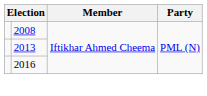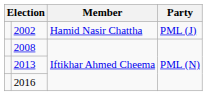 <table class="wikitable">
 <tr>
 <th colspan="2">Election</th>
 <th>Member</th>
 <th>Party</th>
+</tr>
+<tr>
+<td style="background-color: "></td>
+<td><a href='#'>2002</a></td>
+<td><a href='#'>Hamid Nasir Chattha</a></td>
+<td><a href='#'>PML (J)</a></td>
 </tr>
 <tr>
 <td style="background-color: "></td>
 <td><a href='#'>2008</a></td>
 <td rowspan="3"><a href='#'>Iftikhar Ahmed Cheema</a></td>
 <td rowspan="3"><a href='#'>PML (N)</a></td>
 </tr>
 <tr>
 <td style="background-color: "></td>
 <td><a href='#'>2013</a></td>
 </tr>
 <tr>
 <td style="background-color: "></td>
 <td>2016</td>
 </tr>
 </table>
